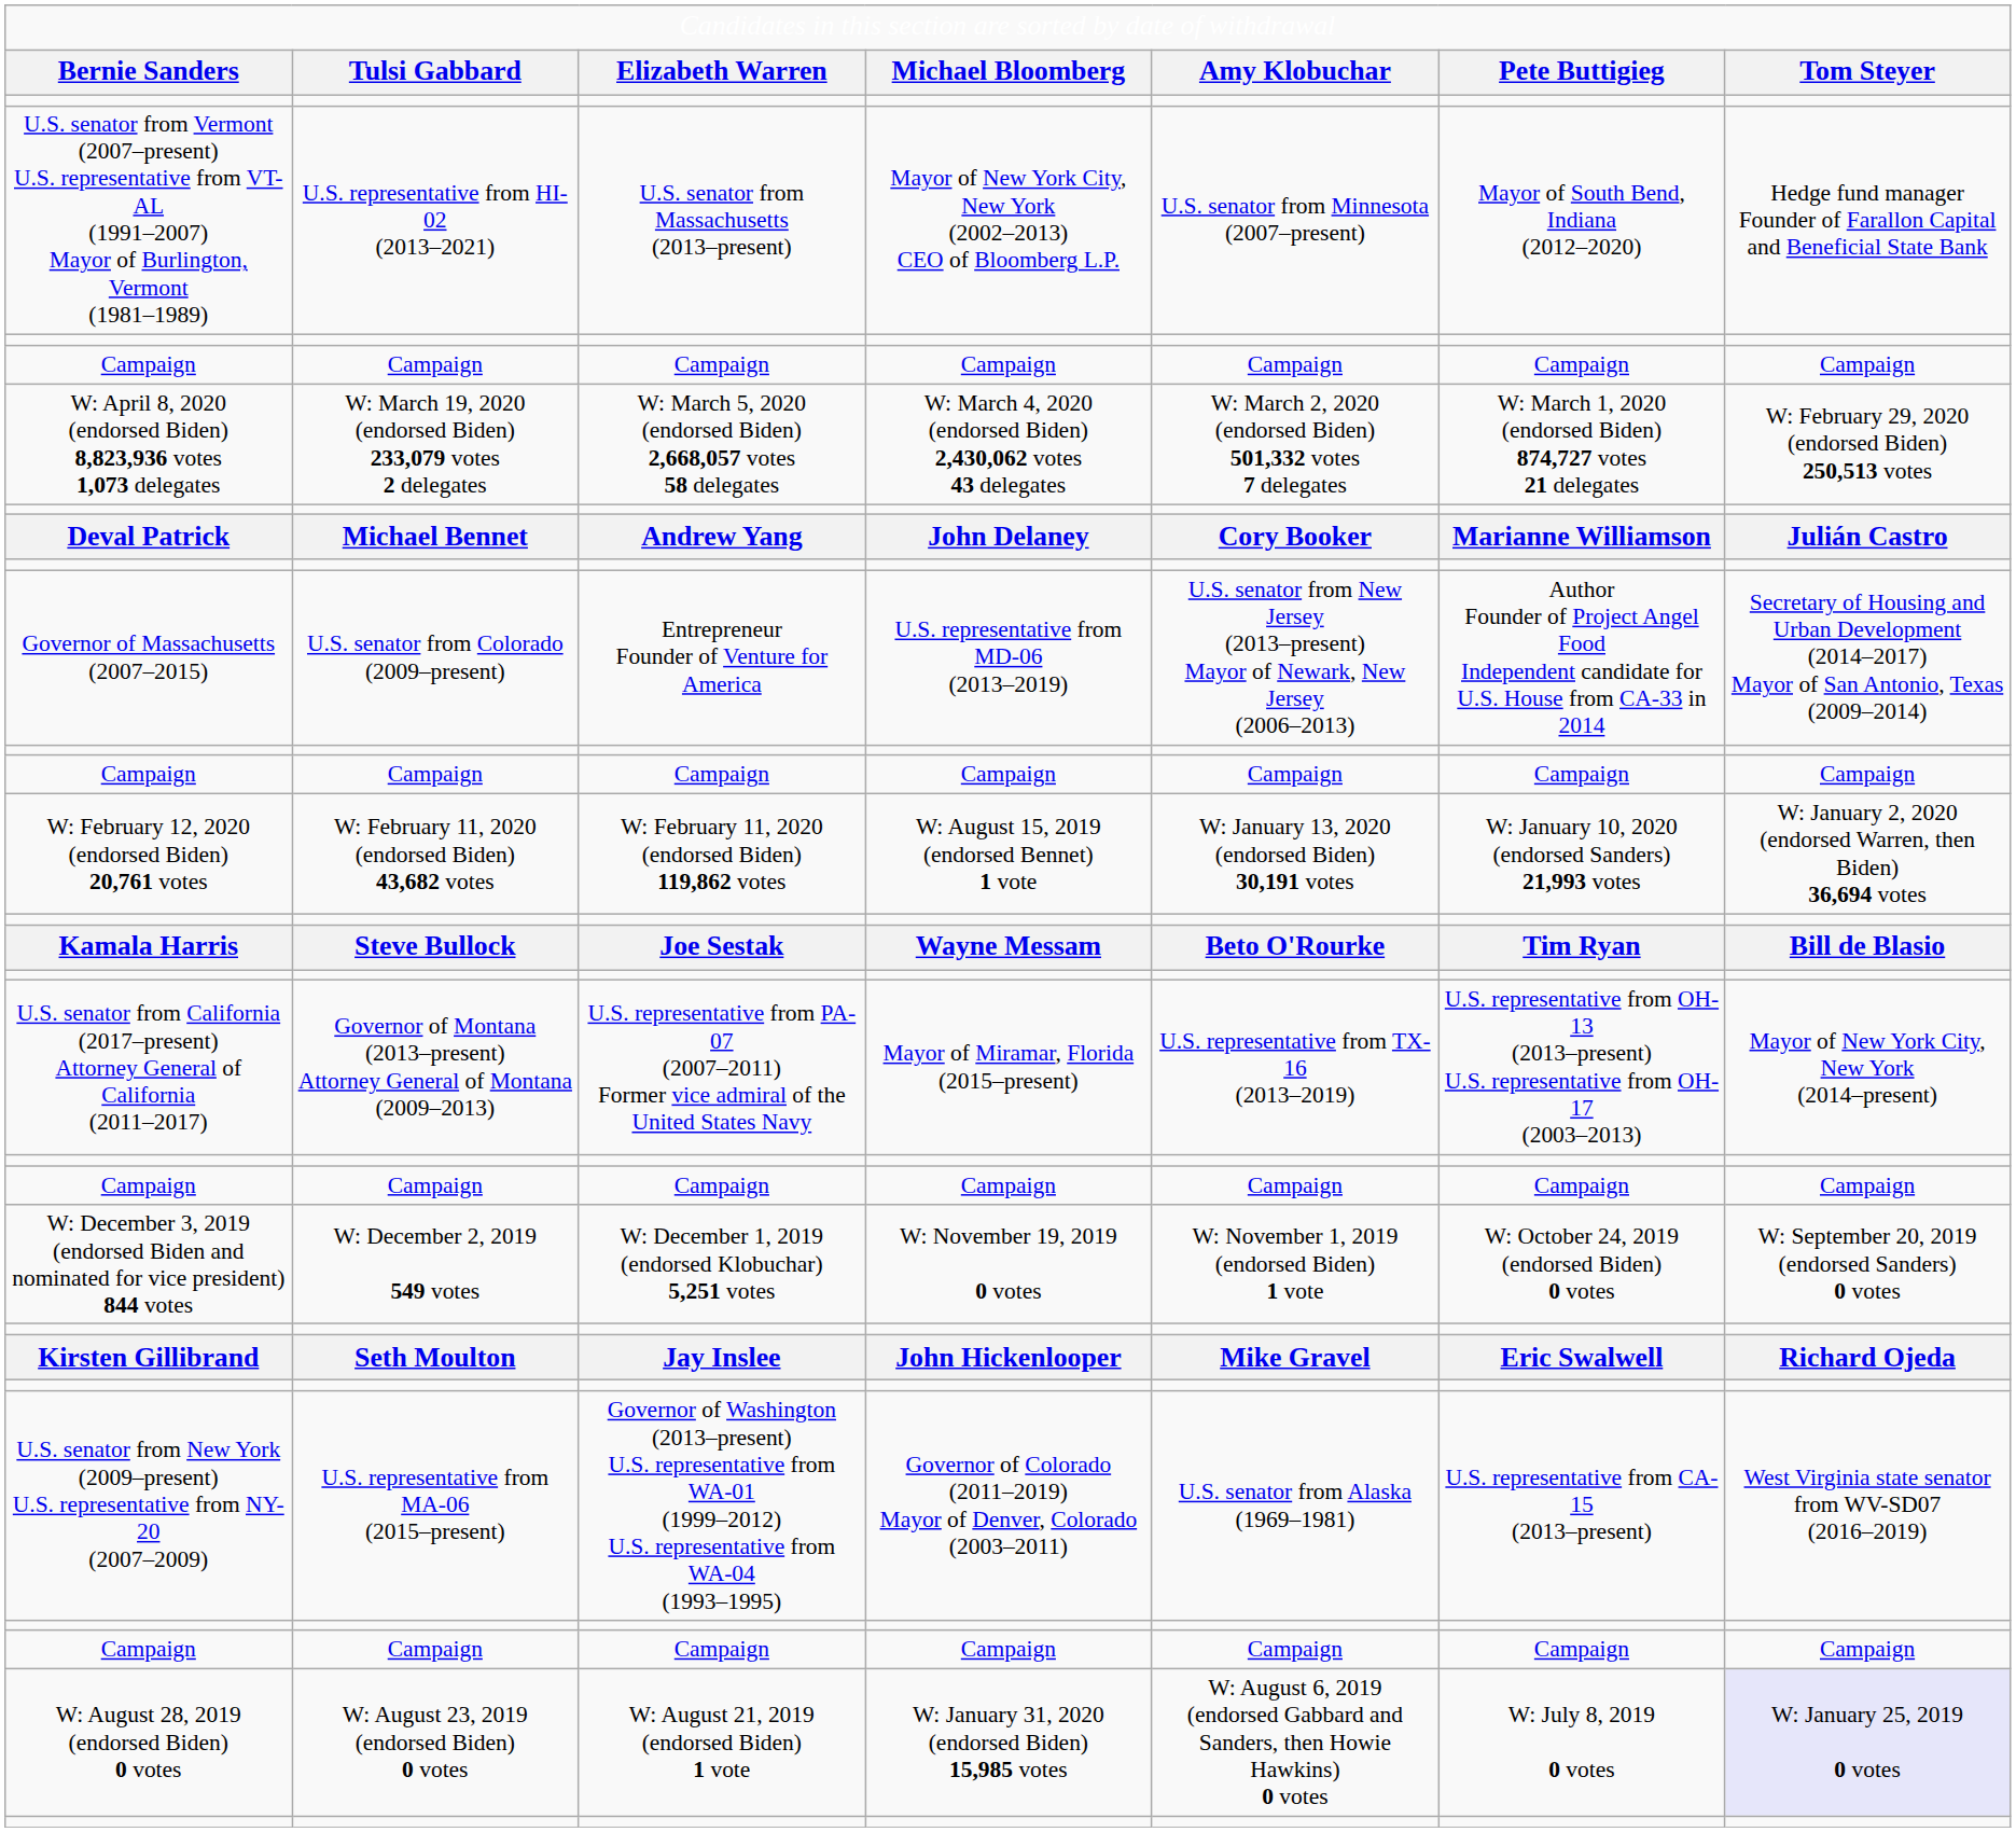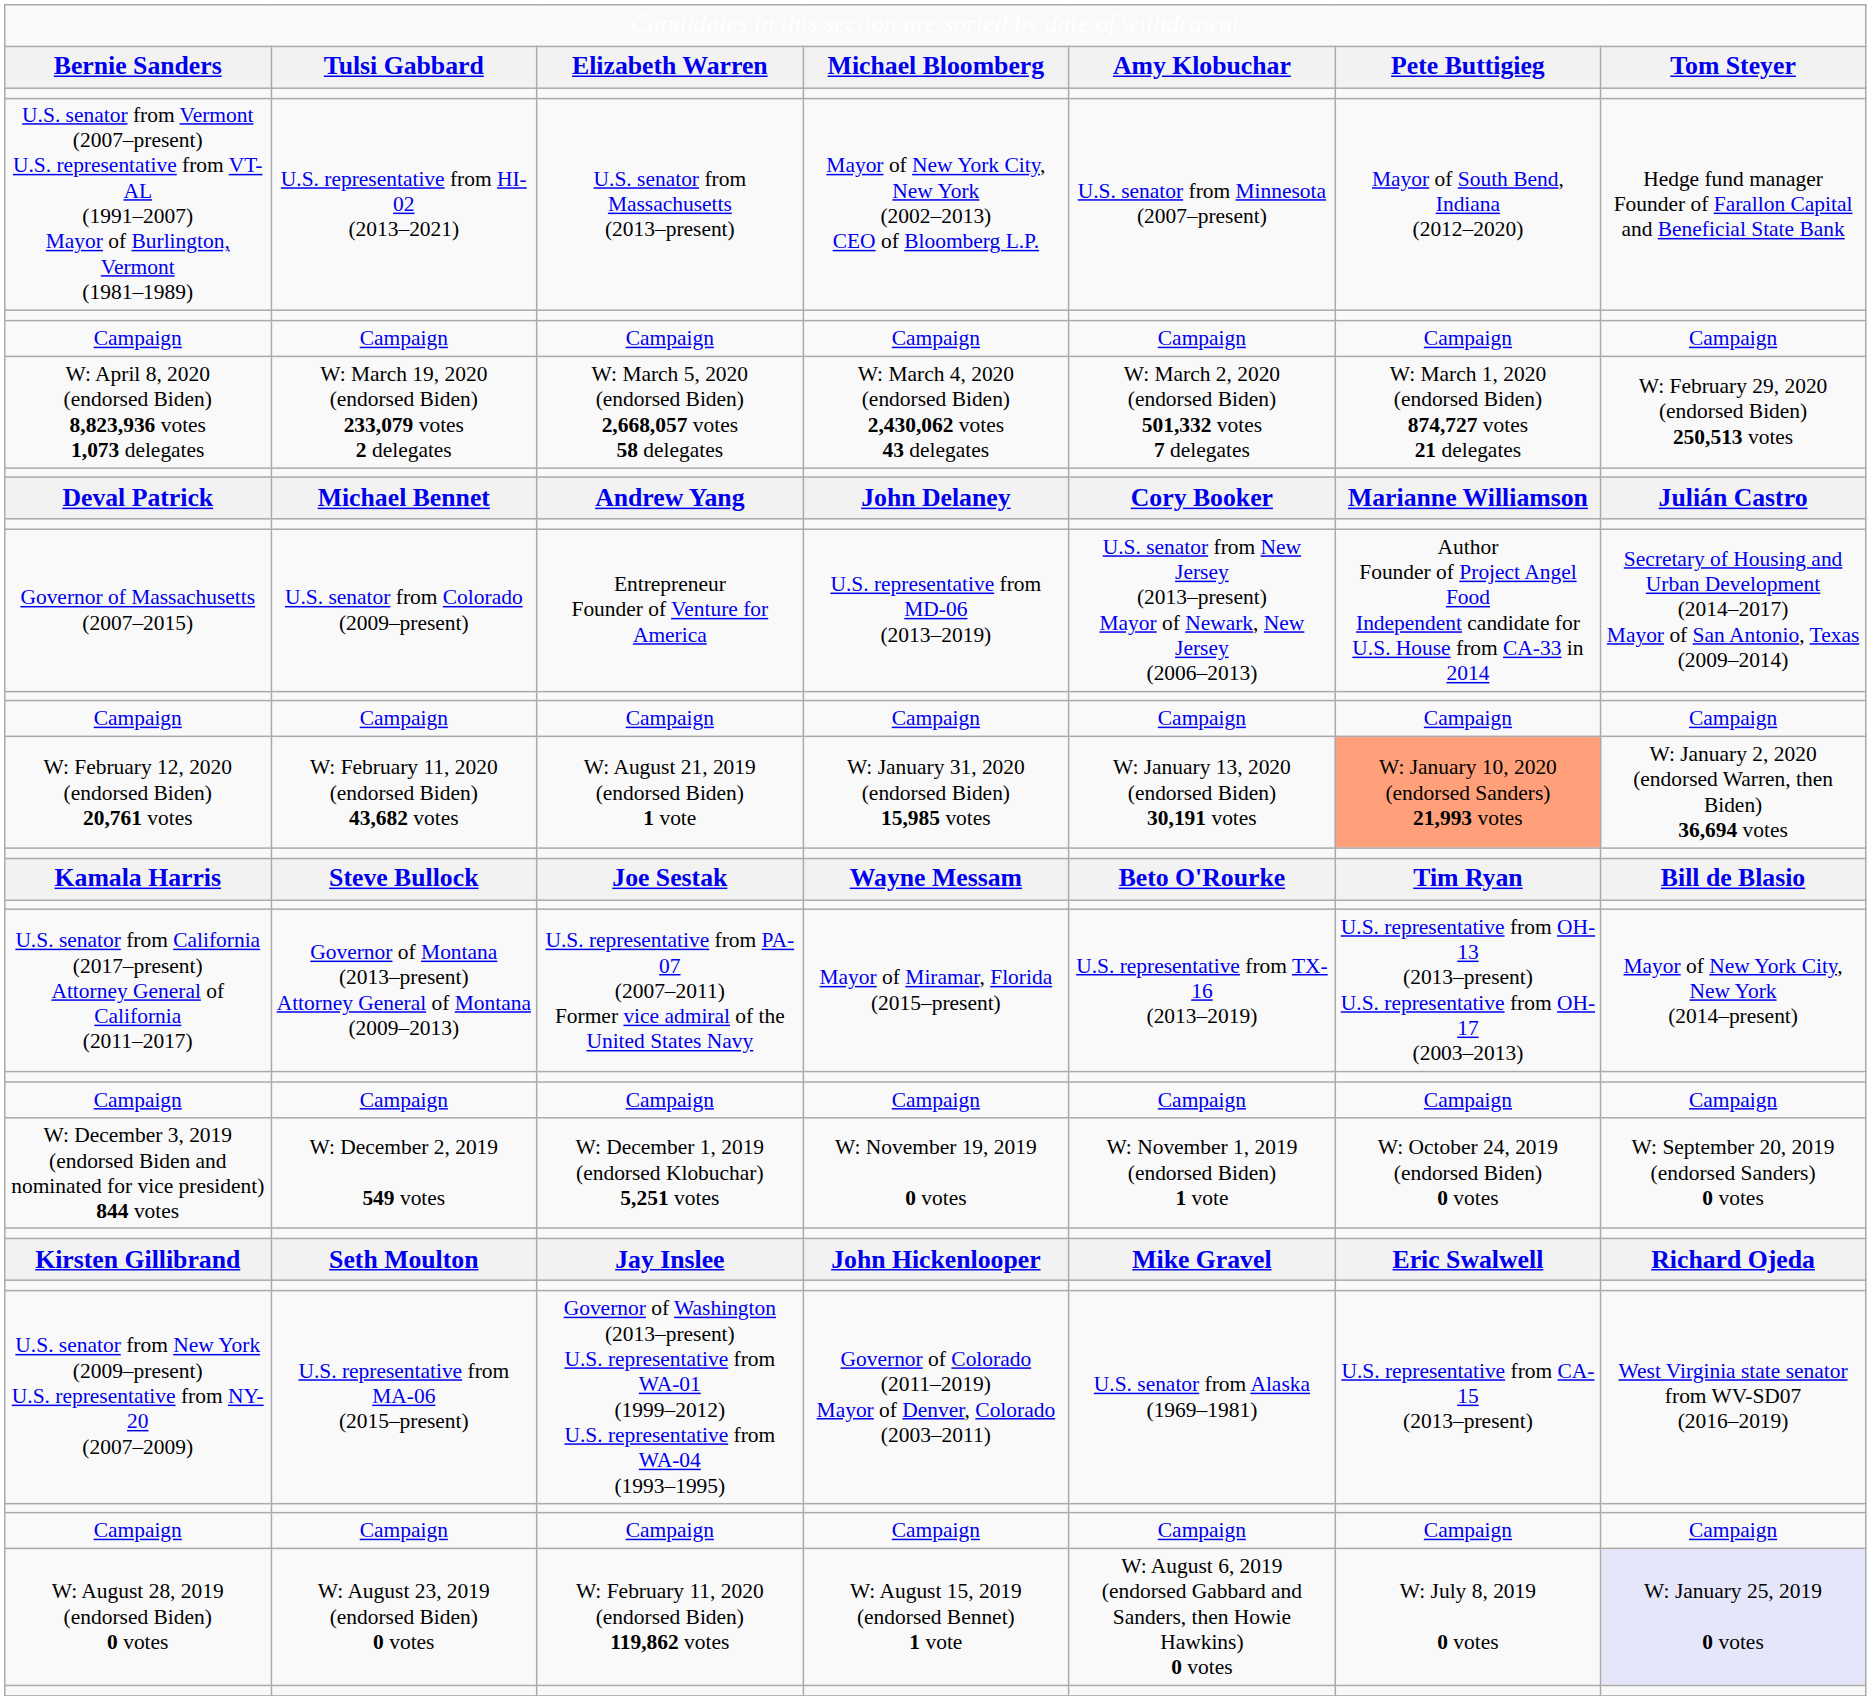 <table class="wikitable mw-collapsible mw-collapsed" style="font-size:90%">
 <tr>
 <td colspan="9" style="text-align:center; font-size:120%; color:white; background:"><em>Candidates in this section are sorted by date of withdrawal</em></td>
 </tr>
 <tr style="font-size:120%;">
 <th scope="col" style="width:14.3%;"><a href='#'>Bernie Sanders</a></th>
 <th scope="col" style="width:14.3%;"><a href='#'>Tulsi Gabbard</a></th>
 <th scope="col" style="width:14.3%;"><a href='#'>Elizabeth Warren</a></th>
 <th scope="col" style="width:14.3%;"><a href='#'>Michael Bloomberg</a></th>
 <th scope="col" style="width:14.3%;"><a href='#'>Amy Klobuchar</a></th>
 <th scope="col" style="width:14.3%;"><a href='#'>Pete Buttigieg</a></th>
 <th scope="col" style="width:14.3%;"><a href='#'>Tom Steyer</a></th>
 </tr>
 <tr>
 <td></td>
 <td></td>
 <td></td>
 <td></td>
 <td></td>
 <td></td>
 <td></td>
 </tr>
 <tr style="text-align:center">
 <td><a href='#'>U.S. senator</a> from <a href='#'>Vermont</a><br>(2007–present)<br><a href='#'>U.S. representative</a> from <a href='#'>VT-AL</a><br>(1991–2007)<br><a href='#'>Mayor</a> of <a href='#'>Burlington, Vermont</a><br>(1981–1989)</td>
 <td><a href='#'>U.S. representative</a> from <a href='#'>HI-02</a><br>(2013–2021)</td>
 <td><a href='#'>U.S. senator</a> from <a href='#'>Massachusetts</a><br>(2013–present)</td>
 <td><a href='#'>Mayor</a> of <a href='#'>New York City</a>, <a href='#'>New York</a><br>(2002–2013)<br><a href='#'>CEO</a> of <a href='#'>Bloomberg L.P.</a></td>
 <td><a href='#'>U.S. senator</a> from <a href='#'>Minnesota</a><br>(2007–present)</td>
 <td><a href='#'>Mayor</a> of <a href='#'>South Bend</a>, <a href='#'>Indiana</a><br>(2012–2020)</td>
 <td>Hedge fund manager<br>Founder of <a href='#'>Farallon Capital</a> and <a href='#'>Beneficial State Bank</a></td>
 </tr>
 <tr style="text-align:center">
 <td></td>
 <td></td>
 <td></td>
 <td></td>
 <td></td>
 <td></td>
 <td></td>
 </tr>
 <tr style="text-align:center">
 <td><a href='#'>Campaign</a></td>
 <td><a href='#'>Campaign</a></td>
 <td><a href='#'>Campaign</a></td>
 <td><a href='#'>Campaign</a></td>
 <td><a href='#'>Campaign</a></td>
 <td><a href='#'>Campaign</a></td>
 <td><a href='#'>Campaign</a></td>
 </tr>
 <tr style="text-align:center">
 <td>W: April 8, 2020<br>(endorsed Biden)<br><strong>8,823,936</strong> votes<br><strong>1,073</strong> delegates</td>
 <td>W: March 19, 2020<br>(endorsed Biden)<br><strong>233,079</strong> votes<br><strong>2</strong> delegates</td>
 <td>W: March 5, 2020<br>(endorsed Biden)<br><strong>2,668,057</strong> votes<br><strong>58</strong> delegates</td>
 <td>W: March 4, 2020<br>(endorsed Biden)<br><strong>2,430,062</strong> votes<br><strong>43</strong> delegates</td>
 <td>W: March 2, 2020<br>(endorsed Biden)<br><strong>501,332</strong> votes<br><strong>7</strong> delegates</td>
 <td>W: March 1, 2020<br>(endorsed Biden)<br><strong>874,727</strong> votes<br><strong>21</strong> delegates</td>
 <td>W: February 29, 2020<br>(endorsed Biden)<br><strong>250,513</strong> votes</td>
 </tr>
 <tr style="text-align:center">
 <td></td>
 <td></td>
 <td></td>
 <td></td>
 <td></td>
 <td></td>
 <td></td>
 </tr>
 <tr style="font-size:120%;">
 <th scope="col"><a href='#'>Deval Patrick</a></th>
 <th scope="col"><a href='#'>Michael Bennet</a></th>
 <th scope="col"><a href='#'>Andrew Yang</a></th>
 <th scope="col"><a href='#'>John Delaney</a></th>
 <th scope="col"><a href='#'>Cory Booker</a></th>
 <th scope="col"><a href='#'>Marianne Williamson</a></th>
 <th scope="col"><a href='#'>Julián Castro</a></th>
 </tr>
 <tr>
 <td></td>
 <td></td>
 <td></td>
 <td></td>
 <td></td>
 <td></td>
 <td></td>
 </tr>
 <tr style="text-align:center">
 <td><a href='#'>Governor of Massachusetts</a><br>(2007–2015)</td>
 <td><a href='#'>U.S. senator</a> from <a href='#'>Colorado</a><br>(2009–present)</td>
 <td>Entrepreneur<br>Founder of <a href='#'>Venture for America</a></td>
 <td><a href='#'>U.S. representative</a> from <a href='#'>MD-06</a><br>(2013–2019)</td>
 <td><a href='#'>U.S. senator</a> from <a href='#'>New Jersey</a><br>(2013–present)<br><a href='#'>Mayor</a> of <a href='#'>Newark</a>, <a href='#'>New Jersey</a><br>(2006–2013)</td>
 <td>Author<br>Founder of <a href='#'>Project Angel Food</a><br><a href='#'>Independent</a> candidate for <a href='#'>U.S. House</a> from <a href='#'>CA-33</a> in <a href='#'>2014</a></td>
 <td><a href='#'>Secretary of Housing and Urban Development</a><br>(2014–2017)<br><a href='#'>Mayor</a> of <a href='#'>San Antonio</a>, <a href='#'>Texas</a><br>(2009–2014)</td>
 </tr>
 <tr style="text-align:center">
 <td></td>
 <td></td>
 <td></td>
 <td></td>
 <td></td>
 <td></td>
 <td></td>
 </tr>
 <tr style="text-align:center">
 <td><a href='#'>Campaign</a></td>
 <td><a href='#'>Campaign</a></td>
 <td><a href='#'>Campaign</a></td>
 <td><a href='#'>Campaign</a></td>
 <td><a href='#'>Campaign</a></td>
 <td><a href='#'>Campaign</a></td>
 <td><a href='#'>Campaign</a></td>
 </tr>
 <tr style="text-align:center">
 <td>W: February 12, 2020<br>(endorsed Biden)<br><strong>20,761</strong> votes</td>
 <td>W: February 11, 2020<br>(endorsed Biden)<br><strong>43,682</strong> votes</td>
-<td>W: February 11, 2020<br>(endorsed Biden)<br><strong>119,862</strong> votes</td>
-<td>W: August 15, 2019<br>(endorsed Bennet)<br><strong>1</strong> vote</td>
+<td>W: August 21, 2019<br>(endorsed Biden)<br><strong>1</strong> vote</td>
+<td>W: January 31, 2020<br>(endorsed Biden)<br><strong>15,985</strong> votes</td>
 <td>W: January 13, 2020<br>(endorsed Biden)<br><strong>30,191 </strong> votes</td>
-<td>W: January 10, 2020<br>(endorsed Sanders)<br><strong>21,993</strong> votes</td>
+<td style="background: lightsalmon;">W: January 10, 2020<br>(endorsed Sanders)<br><strong>21,993</strong> votes</td>
 <td>W: January 2, 2020<br>(endorsed Warren, then Biden)<br><strong>36,694</strong> votes</td>
 </tr>
 <tr style="text-align:center">
 <td></td>
 <td></td>
 <td></td>
 <td></td>
 <td></td>
 <td></td>
 <td></td>
 </tr>
 <tr style="font-size:120%;">
 <th scope="col"><a href='#'>Kamala Harris</a></th>
 <th scope="col"><a href='#'>Steve Bullock</a></th>
 <th scope="col"><a href='#'>Joe Sestak</a></th>
 <th scope="col"><a href='#'>Wayne Messam</a></th>
 <th scope="col"><a href='#'>Beto O'Rourke</a></th>
 <th scope="col"><a href='#'>Tim Ryan</a></th>
 <th scope="col"><a href='#'>Bill de Blasio</a></th>
 </tr>
 <tr>
 <td></td>
 <td></td>
 <td></td>
 <td></td>
 <td></td>
 <td></td>
 <td></td>
 </tr>
 <tr style="text-align:center">
 <td><a href='#'>U.S. senator</a> from <a href='#'>California</a><br>(2017–present)<br><a href='#'>Attorney General</a> of <a href='#'>California</a><br>(2011–2017)</td>
 <td><a href='#'>Governor</a> of <a href='#'>Montana</a><br>(2013–present)<br><a href='#'>Attorney General</a> of <a href='#'>Montana</a><br>(2009–2013)</td>
 <td><a href='#'>U.S. representative</a> from <a href='#'>PA-07</a><br>(2007–2011)<br>Former <a href='#'>vice admiral</a> of the <a href='#'>United States Navy</a></td>
 <td><a href='#'>Mayor</a> of <a href='#'>Miramar</a>, <a href='#'>Florida</a><br>(2015–present)</td>
 <td><a href='#'>U.S. representative</a> from <a href='#'>TX-16</a><br>(2013–2019)</td>
 <td><a href='#'>U.S. representative</a> from <a href='#'>OH-13</a><br>(2013–present)<br><a href='#'>U.S. representative</a> from <a href='#'>OH-17</a><br>(2003–2013)</td>
 <td><a href='#'>Mayor</a> of <a href='#'>New York City</a>, <a href='#'>New York</a><br>(2014–present)</td>
 </tr>
 <tr style="text-align:center">
 <td></td>
 <td></td>
 <td></td>
 <td></td>
 <td></td>
 <td></td>
 <td></td>
 </tr>
 <tr style="text-align:center">
 <td><a href='#'>Campaign</a></td>
 <td><a href='#'>Campaign</a></td>
 <td><a href='#'>Campaign</a></td>
 <td><a href='#'>Campaign</a></td>
 <td><a href='#'>Campaign</a></td>
 <td><a href='#'>Campaign</a></td>
 <td><a href='#'>Campaign</a></td>
 </tr>
 <tr style="text-align:center">
 <td>W: December 3, 2019<br>(endorsed Biden and<br>nominated for vice president)<br><strong>844</strong> votes</td>
 <td>W: December 2, 2019<br><br><strong>549</strong> votes</td>
 <td>W: December 1, 2019<br>(endorsed Klobuchar)<br><strong>5,251</strong> votes</td>
 <td>W: November 19, 2019<br><br><strong>0</strong> votes</td>
 <td>W: November 1, 2019<br>(endorsed Biden)<br><strong>1</strong> vote</td>
 <td>W: October 24, 2019<br>(endorsed Biden)<br><strong>0</strong> votes</td>
 <td>W: September 20, 2019<br>(endorsed Sanders)<br><strong>0</strong> votes</td>
 </tr>
 <tr style="text-align:center">
 <td></td>
 <td></td>
 <td></td>
 <td></td>
 <td></td>
 <td></td>
 <td></td>
 </tr>
 <tr style="font-size:120%;">
 <th scope="col"><a href='#'>Kirsten Gillibrand</a></th>
 <th scope="col"><a href='#'>Seth Moulton</a></th>
 <th scope="col"><a href='#'>Jay Inslee</a></th>
 <th scope="col"><a href='#'>John Hickenlooper</a></th>
 <th scope="col"><a href='#'>Mike Gravel</a></th>
 <th scope="col"><a href='#'>Eric Swalwell</a></th>
 <th scope="col"><a href='#'>Richard Ojeda</a></th>
 </tr>
 <tr>
 <td></td>
 <td></td>
 <td></td>
 <td></td>
 <td></td>
 <td></td>
 <td></td>
 </tr>
 <tr style="text-align:center">
 <td><a href='#'>U.S. senator</a> from <a href='#'>New York</a><br>(2009–present)<br><a href='#'>U.S. representative</a> from <a href='#'>NY-20</a><br>(2007–2009)</td>
 <td><a href='#'>U.S. representative</a> from <a href='#'>MA-06</a><br>(2015–present)</td>
 <td><a href='#'>Governor</a> of <a href='#'>Washington</a><br>(2013–present)<br><a href='#'>U.S. representative</a> from <a href='#'>WA-01</a><br>(1999–2012)<br><a href='#'>U.S. representative</a> from <a href='#'>WA-04</a><br>(1993–1995)</td>
 <td><a href='#'>Governor</a> of <a href='#'>Colorado</a><br>(2011–2019)<br><a href='#'>Mayor</a> of <a href='#'>Denver</a>, <a href='#'>Colorado</a><br>(2003–2011)</td>
 <td><a href='#'>U.S. senator</a> from <a href='#'>Alaska</a><br>(1969–1981)</td>
 <td><a href='#'>U.S. representative</a> from <a href='#'>CA-15</a><br>(2013–present)</td>
 <td><a href='#'>West Virginia state senator</a> from WV-SD07<br>(2016–2019)</td>
 </tr>
 <tr style="text-align:center">
 <td></td>
 <td></td>
 <td></td>
 <td></td>
 <td></td>
 <td></td>
 <td></td>
 </tr>
 <tr style="text-align:center">
 <td><a href='#'>Campaign</a></td>
 <td><a href='#'>Campaign</a></td>
 <td><a href='#'>Campaign</a></td>
 <td><a href='#'>Campaign</a></td>
 <td><a href='#'>Campaign</a></td>
 <td><a href='#'>Campaign</a></td>
 <td><a href='#'>Campaign</a></td>
 </tr>
 <tr style="text-align:center">
 <td>W: August 28, 2019<br>(endorsed Biden)<br><strong>0</strong> votes</td>
 <td>W: August 23, 2019<br>(endorsed Biden)<br><strong>0</strong> votes</td>
-<td>W: August 21, 2019<br>(endorsed Biden)<br><strong>1</strong> vote</td>
-<td>W: January 31, 2020<br>(endorsed Biden)<br><strong>15,985</strong> votes</td>
+<td>W: February 11, 2020<br>(endorsed Biden)<br><strong>119,862</strong> votes</td>
+<td>W: August 15, 2019<br>(endorsed Bennet)<br><strong>1</strong> vote</td>
 <td>W: August 6, 2019<br>(endorsed Gabbard and Sanders, then Howie Hawkins)<br><strong>0</strong> votes</td>
 <td>W: July 8, 2019<br><br><strong>0</strong> votes</td>
 <td style="background: lavender;">W: January 25, 2019<br><br><strong>0</strong> votes</td>
 </tr>
 <tr style="text-align:center">
 <td></td>
 <td></td>
 <td></td>
 <td></td>
 <td></td>
 <td></td>
 <td></td>
 </tr>
 </table>
